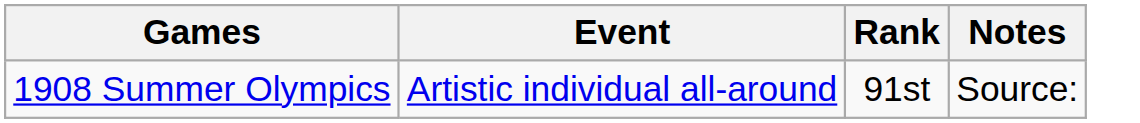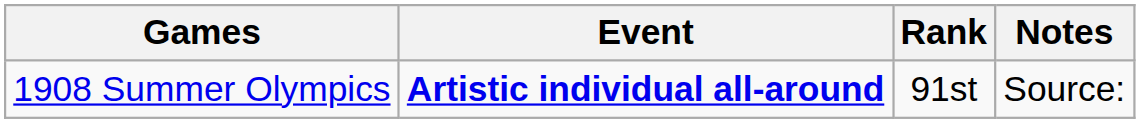 <table class="wikitable" style=" text-align:center;">
 <tr>
 <th>Games</th>
 <th>Event</th>
 <th>Rank</th>
 <th>Notes</th>
 </tr>
 <tr>
 <td><a href='#'>1908 Summer Olympics</a></td>
-<td><a href='#'>Artistic individual all-around</a></td>
+<td><strong><a href='#'>Artistic individual all-around</a></strong></td>
 <td>91st</td>
 <td>Source: </td>
 </tr>
 </table>
